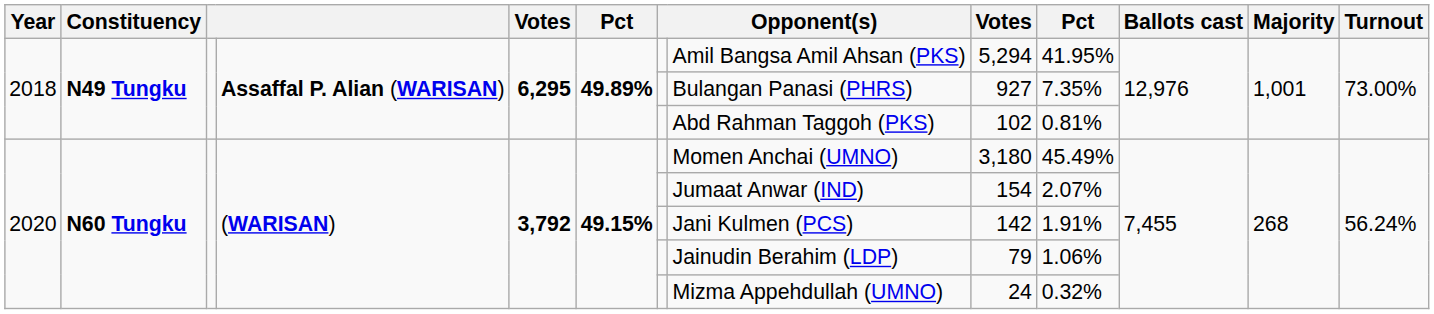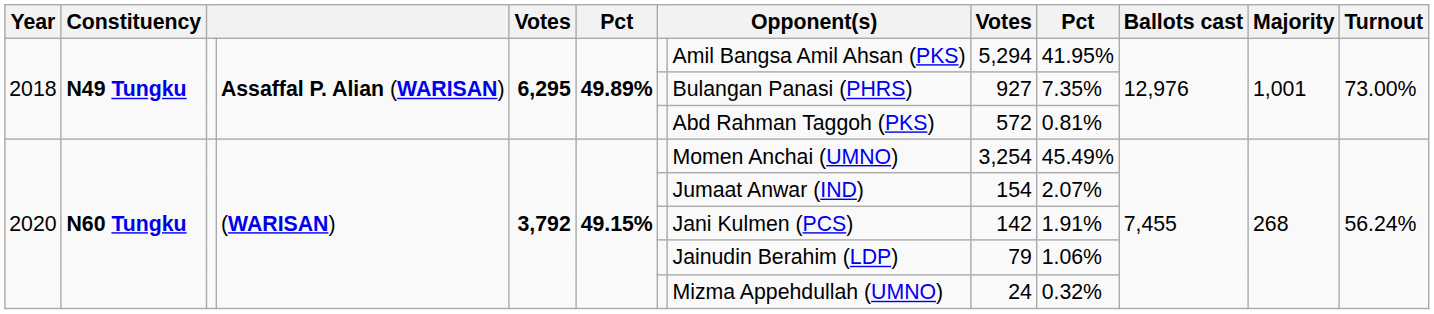 <table class="wikitable" style="margin:0.5em ; font-size:95%">
 <tr>
 <th>Year</th>
 <th>Constituency</th>
 <th colspan=2></th>
 <th>Votes</th>
 <th>Pct</th>
 <th colspan=2>Opponent(s)</th>
 <th>Votes</th>
 <th>Pct</th>
 <th>Ballots cast</th>
 <th>Majority</th>
 <th>Turnout</th>
 </tr>
 <tr>
 <td rowspan=3>2018</td>
 <td rowspan=3><strong>N49 <a href='#'>Tungku</a></strong></td>
 <td rowspan=3 ></td>
 <td rowspan=3><strong>Assaffal P. Alian</strong> (<a href='#'><strong>WARISAN</strong></a>)</td>
 <td rowspan=3 align="right"><strong>6,295</strong></td>
 <td rowspan=3><strong>49.89%</strong></td>
 <td></td>
 <td>Amil Bangsa Amil Ahsan (<a href='#'>PKS</a>)</td>
 <td align="right">5,294</td>
 <td>41.95%</td>
 <td rowspan=3>12,976</td>
 <td rowspan=3>1,001</td>
 <td rowspan=3>73.00%</td>
 </tr>
 <tr>
 <td></td>
 <td>Bulangan Panasi (<a href='#'>PHRS</a>)</td>
 <td align="right">927</td>
 <td>7.35%</td>
 </tr>
 <tr>
 <td></td>
 <td>Abd Rahman Taggoh (<a href='#'>PKS</a>)</td>
-<td align="right">102</td>
+<td align="right">572</td>
 <td>0.81%</td>
 </tr>
 <tr>
 <td rowspan=5>2020</td>
 <td rowspan=5><strong>N60 <a href='#'>Tungku</a></strong></td>
 <td rowspan=5 ></td>
 <td rowspan=5> (<a href='#'><strong>WARISAN</strong></a>)</td>
 <td rowspan=5 align="right"><strong>3,792</strong></td>
 <td rowspan=5><strong>49.15%</strong></td>
 <td></td>
 <td>Momen Anchai (<a href='#'>UMNO</a>)</td>
-<td align="right">3,180</td>
+<td align="right">3,254</td>
 <td>45.49%</td>
 <td rowspan=5>7,455</td>
 <td rowspan=5>268</td>
 <td rowspan=5>56.24%</td>
 </tr>
 <tr>
 <td></td>
 <td>Jumaat Anwar (<a href='#'>IND</a>)</td>
 <td align="right">154</td>
 <td>2.07%</td>
 </tr>
 <tr>
 <td></td>
 <td>Jani Kulmen (<a href='#'>PCS</a>)</td>
 <td align="right">142</td>
 <td>1.91%</td>
 </tr>
 <tr>
 <td></td>
 <td>Jainudin Berahim (<a href='#'>LDP</a>)</td>
 <td align="right">79</td>
 <td>1.06%</td>
 </tr>
 <tr>
 <td></td>
 <td>Mizma Appehdullah (<a href='#'>UMNO</a>)</td>
 <td align="right">24</td>
 <td>0.32%</td>
 </tr>
 </table>
